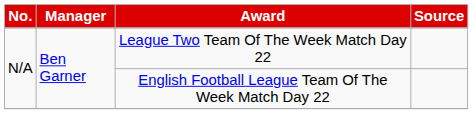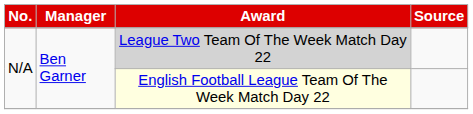 <table class="wikitable" style="text-align:center;width:80%;">
 <tr>
 <th style="background:#DD0000;color:#fff;">No.</th>
 <th style="background:#DD0000;color:#fff;">Manager</th>
 <th style="background:#DD0000;color:#fff;">Award</th>
 <th style="background:#DD0000;color:#fff;">Source</th>
 </tr>
 <tr>
 </tr>
 <tr>
 <td rowspan=2>N/A</td>
 <td rowspan=2; align=left> <a href='#'>Ben Garner</a></td>
-<td><a href='#'>League Two</a> Team Of The Week Match Day 22</td>
+<td style="background: lightgrey;"><a href='#'>League Two</a> Team Of The Week Match Day 22</td>
 <td></td>
 </tr>
 <tr>
-<td><a href='#'>English Football League</a> Team Of The Week Match Day 22</td>
+<td style="background: lightyellow;"><a href='#'>English Football League</a> Team Of The Week Match Day 22</td>
 <td></td>
 </tr>
 <tr>
 </tr>
 </table>
